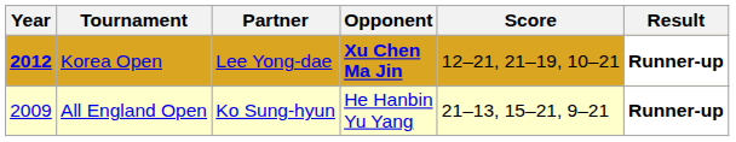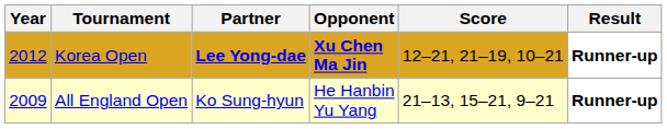 <table class="sortable wikitable" style="font-size: 90%;">
 <tr>
 <th>Year</th>
 <th>Tournament</th>
 <th>Partner</th>
 <th>Opponent</th>
 <th>Score</th>
 <th>Result</th>
 </tr>
 <tr style="background:#DAA520">
-<td align="center"><strong><a href='#'>2012</a></strong></td>
+<td align="center"><a href='#'>2012</a></td>
 <td align="left"><a href='#'>Korea Open</a></td>
-<td align="left"> <a href='#'>Lee Yong-dae</a></td>
+<td align="left"><strong> <a href='#'>Lee Yong-dae</a></strong></td>
 <td align="left"><strong> <a href='#'>Xu Chen</a><br> <a href='#'>Ma Jin</a></strong></td>
 <td align="left">12–21, 21–19, 10–21</td>
 <td style="text-align:left; background:white"> <strong>Runner-up</strong></td>
 </tr>
 <tr>
 </tr>
 <tr style="background:#FFFFCC">
 <td align="center"><a href='#'>2009</a></td>
 <td align="left"><a href='#'>All England Open</a></td>
 <td align="left"> <a href='#'>Ko Sung-hyun</a></td>
 <td align="left"> <a href='#'>He Hanbin</a><br> <a href='#'>Yu Yang</a></td>
 <td align="left">21–13, 15–21, 9–21</td>
 <td style="text-align:left; background:white"> <strong>Runner-up</strong></td>
 </tr>
 </table>
